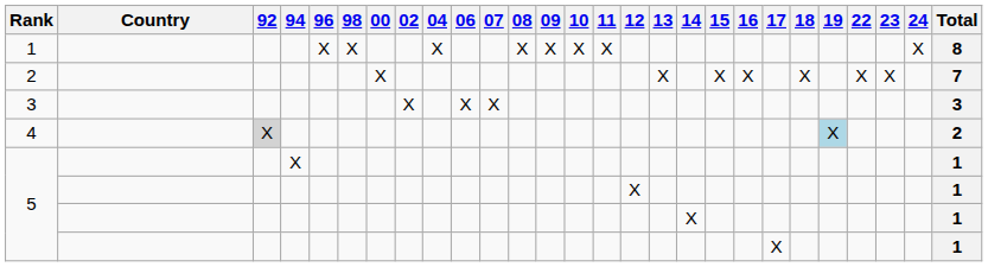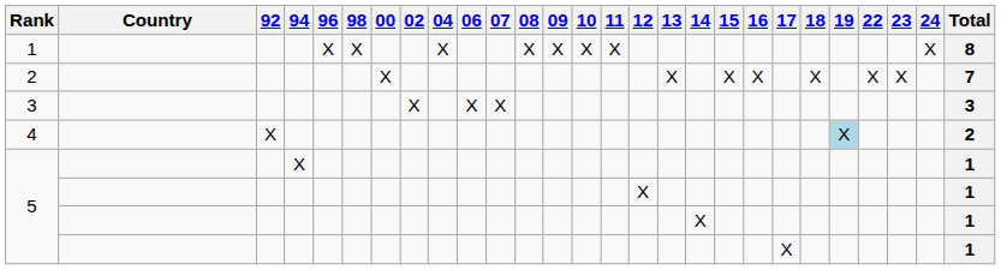 <table class=wikitable style="font-size:90%; text-align:center">
 <tr>
 <th>Rank</th>
 <th width=150>Country</th>
 <th><a href='#'>92</a></th>
 <th><a href='#'>94</a></th>
 <th><a href='#'>96</a></th>
 <th><a href='#'>98</a></th>
 <th><a href='#'>00</a></th>
 <th><a href='#'>02</a></th>
 <th><a href='#'>04</a></th>
 <th><a href='#'>06</a></th>
 <th><a href='#'>07</a></th>
 <th><a href='#'>08</a></th>
 <th><a href='#'>09</a></th>
 <th><a href='#'>10</a></th>
 <th><a href='#'>11</a></th>
 <th><a href='#'>12</a></th>
 <th><a href='#'>13</a></th>
 <th><a href='#'>14</a></th>
 <th><a href='#'>15</a></th>
 <th><a href='#'>16</a></th>
 <th><a href='#'>17</a></th>
 <th><a href='#'>18</a></th>
 <th><a href='#'>19</a></th>
 <th><a href='#'>22</a></th>
 <th><a href='#'>23</a></th>
 <th><a href='#'>24</a></th>
 <th>Total</th>
 </tr>
 <tr>
 <td>1</td>
 <td align=left></td>
 <td></td>
 <td></td>
 <td>X</td>
 <td>X</td>
 <td></td>
 <td></td>
 <td>X</td>
 <td></td>
 <td></td>
 <td>X</td>
 <td>X</td>
 <td>X</td>
 <td>X</td>
 <td></td>
 <td></td>
 <td></td>
 <td></td>
 <td></td>
 <td></td>
 <td></td>
 <td></td>
 <td></td>
 <td></td>
 <td>X</td>
 <th>8</th>
 </tr>
 <tr>
 <td>2</td>
 <td align="left"></td>
 <td></td>
 <td></td>
 <td></td>
 <td></td>
 <td>X</td>
 <td></td>
 <td></td>
 <td></td>
 <td></td>
 <td></td>
 <td></td>
 <td></td>
 <td></td>
 <td></td>
 <td>X</td>
 <td></td>
 <td>X</td>
 <td>X</td>
 <td></td>
 <td>X</td>
 <td></td>
 <td>X</td>
 <td>X</td>
 <td></td>
 <th>7</th>
 </tr>
 <tr>
 <td>3</td>
 <td align=left></td>
 <td></td>
 <td></td>
 <td></td>
 <td></td>
 <td></td>
 <td>X</td>
 <td></td>
 <td>X</td>
 <td>X</td>
 <td></td>
 <td></td>
 <td></td>
 <td></td>
 <td></td>
 <td></td>
 <td></td>
 <td></td>
 <td></td>
 <td></td>
 <td></td>
 <td></td>
 <td></td>
 <td></td>
 <td></td>
 <th>3</th>
 </tr>
 <tr>
 <td>4</td>
 <td align=left></td>
-<td style="background: lightgrey;">X</td>
+<td>X</td>
 <td></td>
 <td></td>
 <td></td>
 <td></td>
 <td></td>
 <td></td>
 <td></td>
 <td></td>
 <td></td>
 <td></td>
 <td></td>
 <td></td>
 <td></td>
 <td></td>
 <td></td>
 <td></td>
 <td></td>
 <td></td>
 <td></td>
 <td style="background: lightblue;">X</td>
 <td></td>
 <td></td>
 <td></td>
 <th>2</th>
 </tr>
 <tr>
 <td rowspan=4>5</td>
 <td align=left></td>
 <td></td>
 <td>X</td>
 <td></td>
 <td></td>
 <td></td>
 <td></td>
 <td></td>
 <td></td>
 <td></td>
 <td></td>
 <td></td>
 <td></td>
 <td></td>
 <td></td>
 <td></td>
 <td></td>
 <td></td>
 <td></td>
 <td></td>
 <td></td>
 <td></td>
 <td></td>
 <td></td>
 <td></td>
 <th>1</th>
 </tr>
 <tr>
 <td align=left></td>
 <td></td>
 <td></td>
 <td></td>
 <td></td>
 <td></td>
 <td></td>
 <td></td>
 <td></td>
 <td></td>
 <td></td>
 <td></td>
 <td></td>
 <td></td>
 <td>X</td>
 <td></td>
 <td></td>
 <td></td>
 <td></td>
 <td></td>
 <td></td>
 <td></td>
 <td></td>
 <td></td>
 <td></td>
 <th>1</th>
 </tr>
 <tr>
 <td align=left></td>
 <td></td>
 <td></td>
 <td></td>
 <td></td>
 <td></td>
 <td></td>
 <td></td>
 <td></td>
 <td></td>
 <td></td>
 <td></td>
 <td></td>
 <td></td>
 <td></td>
 <td></td>
 <td>X</td>
 <td></td>
 <td></td>
 <td></td>
 <td></td>
 <td></td>
 <td></td>
 <td></td>
 <td></td>
 <th>1</th>
 </tr>
 <tr>
 <td align=left></td>
 <td></td>
 <td></td>
 <td></td>
 <td></td>
 <td></td>
 <td></td>
 <td></td>
 <td></td>
 <td></td>
 <td></td>
 <td></td>
 <td></td>
 <td></td>
 <td></td>
 <td></td>
 <td></td>
 <td></td>
 <td></td>
 <td>X</td>
 <td></td>
 <td></td>
 <td></td>
 <td></td>
 <td></td>
 <th>1</th>
 </tr>
 </table>
